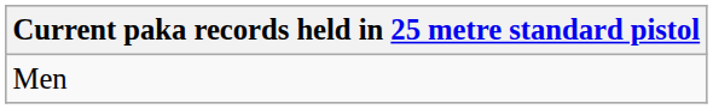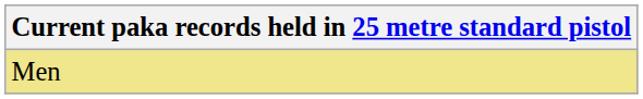 <table class="wikitable" style="font-size: 95%;">
 <tr>
 <th colspan="7">Current paka records held in <a href='#'>25 metre standard pistol</a></th>
 </tr>
 <tr>
-<td>Men<br></td>
+<td style="background: khaki;">Men<br></td>
 </tr>
 </table>
